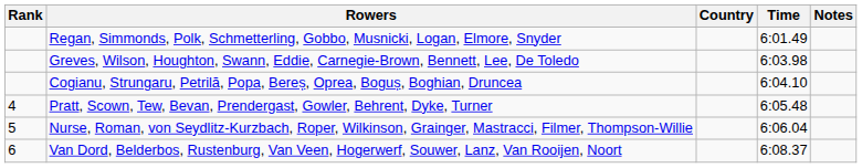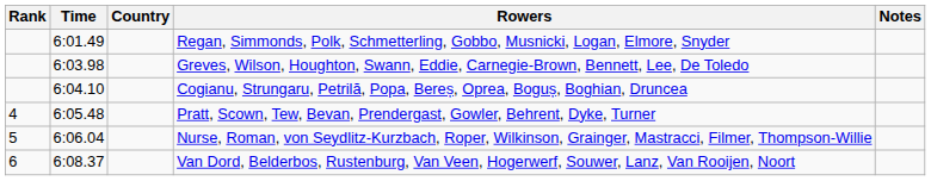 <table class="wikitable">
 <tr>
 <th>Rank</th>
+<th>Time</th>
+<th>Country</th>
 <th>Rowers</th>
-<th>Country</th>
-<th>Time</th>
 <th>Notes</th>
 </tr>
 <tr>
 <td></td>
+<td>6:01.49</td>
+<td></td>
 <td><a href='#'>Regan</a>, <a href='#'>Simmonds</a>, <a href='#'>Polk</a>, <a href='#'>Schmetterling</a>, <a href='#'>Gobbo</a>, <a href='#'>Musnicki</a>, <a href='#'>Logan</a>, <a href='#'>Elmore</a>, <a href='#'>Snyder</a></td>
-<td></td>
-<td>6:01.49</td>
 <td></td>
 </tr>
 <tr>
 <td></td>
+<td>6:03.98</td>
+<td></td>
 <td><a href='#'>Greves</a>, <a href='#'>Wilson</a>, <a href='#'>Houghton</a>, <a href='#'>Swann</a>, <a href='#'>Eddie</a>, <a href='#'>Carnegie-Brown</a>, <a href='#'>Bennett</a>, <a href='#'>Lee</a>, <a href='#'>De Toledo</a></td>
-<td></td>
-<td>6:03.98</td>
 <td></td>
 </tr>
 <tr>
 <td></td>
+<td>6:04.10</td>
+<td></td>
 <td><a href='#'>Cogianu</a>, <a href='#'>Strungaru</a>, <a href='#'>Petrilă</a>, <a href='#'>Popa</a>, <a href='#'>Bereș</a>, <a href='#'>Oprea</a>, <a href='#'>Boguș</a>, <a href='#'>Boghian</a>, <a href='#'>Druncea</a></td>
-<td></td>
-<td>6:04.10</td>
 <td></td>
 </tr>
 <tr>
 <td>4</td>
+<td>6:05.48</td>
+<td></td>
 <td><a href='#'>Pratt</a>, <a href='#'>Scown</a>, <a href='#'>Tew</a>, <a href='#'>Bevan</a>, <a href='#'>Prendergast</a>, <a href='#'>Gowler</a>, <a href='#'>Behrent</a>, <a href='#'>Dyke</a>, <a href='#'>Turner</a></td>
-<td></td>
-<td>6:05.48</td>
 <td></td>
 </tr>
 <tr>
 <td>5</td>
+<td>6:06.04</td>
+<td></td>
 <td><a href='#'>Nurse</a>, <a href='#'>Roman</a>, <a href='#'>von Seydlitz-Kurzbach</a>, <a href='#'>Roper</a>, <a href='#'>Wilkinson</a>, <a href='#'>Grainger</a>, <a href='#'>Mastracci</a>, <a href='#'>Filmer</a>, <a href='#'>Thompson-Willie</a></td>
-<td></td>
-<td>6:06.04</td>
 <td></td>
 </tr>
 <tr>
 <td>6</td>
+<td>6:08.37</td>
+<td></td>
 <td><a href='#'>Van Dord</a>, <a href='#'>Belderbos</a>, <a href='#'>Rustenburg</a>, <a href='#'>Van Veen</a>, <a href='#'>Hogerwerf</a>, <a href='#'>Souwer</a>, <a href='#'>Lanz</a>, <a href='#'>Van Rooijen</a>, <a href='#'>Noort</a></td>
-<td></td>
-<td>6:08.37</td>
 <td></td>
 </tr>
 </table>
